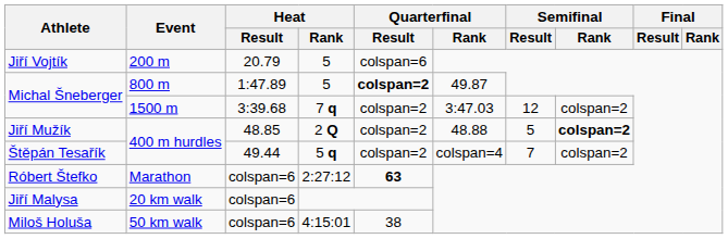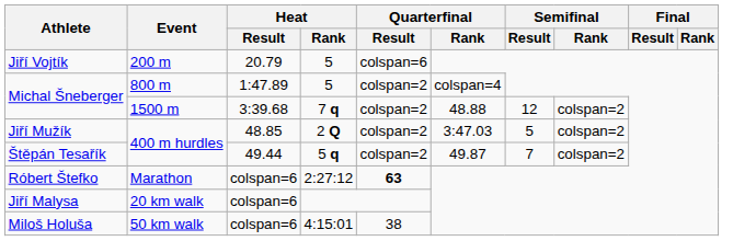 <table class=wikitable style="font-size:90%">
 <tr>
 <th rowspan="2">Athlete</th>
 <th rowspan="2">Event</th>
 <th colspan="2">Heat</th>
 <th colspan="2">Quarterfinal</th>
 <th colspan="2">Semifinal</th>
 <th colspan="2">Final</th>
 </tr>
 <tr style="font-size:95%">
 <th>Result</th>
 <th>Rank</th>
 <th>Result</th>
 <th>Rank</th>
 <th>Result</th>
 <th>Rank</th>
 <th>Result</th>
 <th>Rank</th>
 </tr>
 <tr align=center>
 <td align=left><a href='#'>Jiří Vojtík</a></td>
 <td align=left><a href='#'>200 m</a></td>
 <td>20.79</td>
 <td>5</td>
 <td>colspan=6 </td>
 </tr>
 <tr align=center>
 <td align=left rowspan=2><a href='#'>Michal Šneberger</a></td>
 <td align=left><a href='#'>800 m</a></td>
 <td>1:47.89</td>
 <td>5</td>
-<td><strong>colspan=2 </strong></td>
-<td>49.87</td>
+<td>colspan=2 </td>
+<td>colspan=4 </td>
 </tr>
 <tr align=center>
 <td align=left><a href='#'>1500 m</a></td>
 <td>3:39.68</td>
 <td>7 <strong>q</strong></td>
 <td>colspan=2 </td>
-<td>3:47.03</td>
+<td>48.88</td>
 <td>12</td>
 <td>colspan=2 </td>
 </tr>
 <tr align=center>
 <td align=left><a href='#'>Jiří Mužík</a></td>
 <td rowspan=2 align=left><a href='#'>400 m hurdles</a></td>
 <td>48.85</td>
 <td>2 <strong>Q</strong></td>
 <td>colspan=2 </td>
-<td>48.88</td>
+<td>3:47.03</td>
 <td>5</td>
-<td><strong>colspan=2 </strong></td>
+<td>colspan=2 </td>
 </tr>
 <tr align=center>
 <td align=left><a href='#'>Štěpán Tesařík</a></td>
 <td>49.44</td>
 <td>5 <strong>q</strong></td>
 <td>colspan=2 </td>
-<td>colspan=4 </td>
+<td>49.87</td>
 <td>7</td>
 <td>colspan=2 </td>
 </tr>
 <tr align=center>
 <td align=left><a href='#'>Róbert Štefko</a></td>
 <td align=left><a href='#'>Marathon</a></td>
 <td>colspan=6 </td>
 <td>2:27:12</td>
 <td><strong>63</strong></td>
 </tr>
 <tr align=center>
 <td align=left><a href='#'>Jiří Malysa</a></td>
 <td align=left><a href='#'>20 km walk</a></td>
 <td>colspan=6 </td>
 <td colspan=2></td>
 </tr>
 <tr align=center>
 <td align=left><a href='#'>Miloš Holuša</a></td>
 <td align=left><a href='#'>50 km walk</a></td>
 <td>colspan=6 </td>
 <td>4:15:01</td>
 <td>38</td>
 </tr>
 </table>
